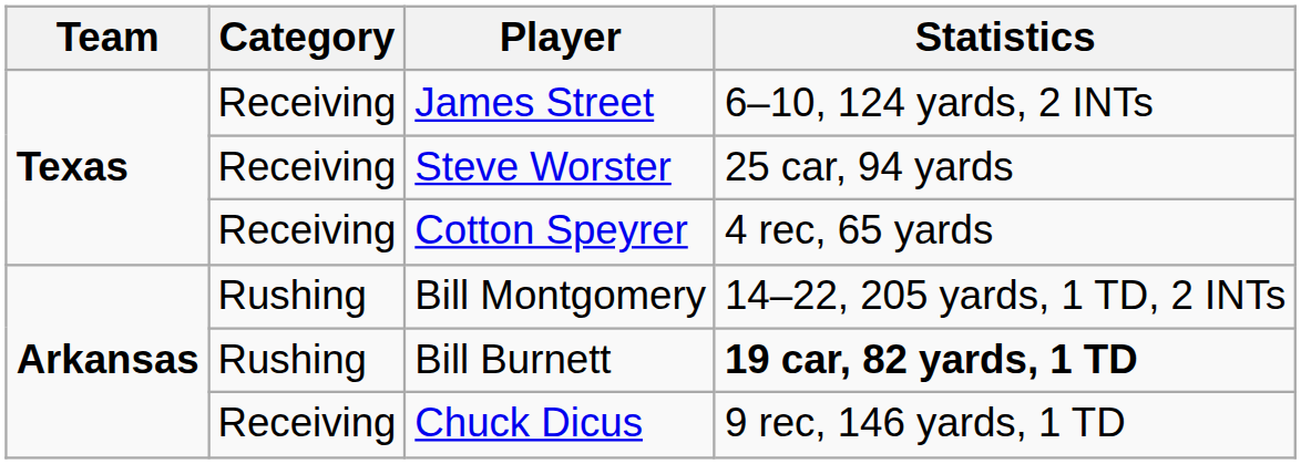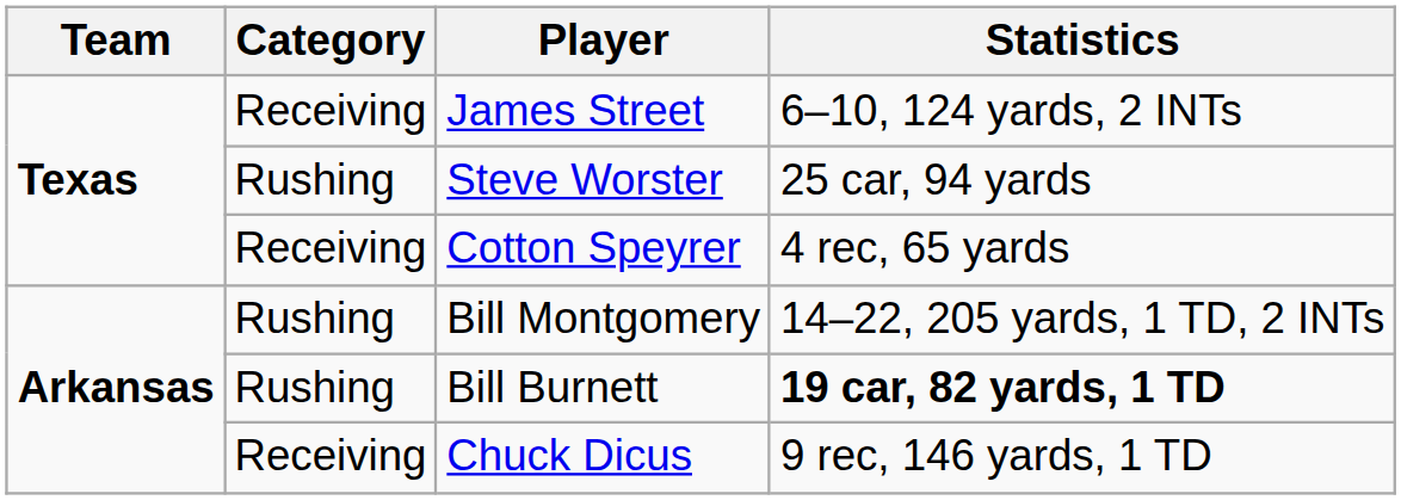 <table class="wikitable" style="float: right;">
 <tr>
 <th>Team</th>
 <th>Category</th>
 <th>Player</th>
 <th>Statistics</th>
 </tr>
 <tr>
 <td rowspan=3><strong>Texas</strong></td>
 <td>Receiving</td>
 <td><a href='#'>James Street</a></td>
 <td>6–10, 124 yards, 2 INTs</td>
 </tr>
 <tr>
-<td>Receiving</td>
+<td>Rushing</td>
 <td><a href='#'>Steve Worster</a></td>
 <td>25 car, 94 yards</td>
 </tr>
 <tr>
 <td>Receiving</td>
 <td><a href='#'>Cotton Speyrer</a></td>
 <td>4 rec, 65 yards</td>
 </tr>
 <tr>
 <td rowspan=3><strong>Arkansas</strong></td>
 <td>Rushing</td>
 <td>Bill Montgomery</td>
 <td>14–22, 205 yards, 1 TD, 2 INTs</td>
 </tr>
 <tr>
 <td>Rushing</td>
 <td>Bill Burnett</td>
 <td><strong>19 car, 82 yards, 1 TD</strong></td>
 </tr>
 <tr>
 <td>Receiving</td>
 <td><a href='#'>Chuck Dicus</a></td>
 <td>9 rec, 146 yards, 1 TD</td>
 </tr>
 </table>
